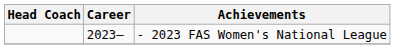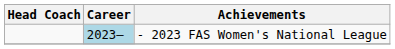 <table class="wikitable">
 <tr>
 <th>Head Coach</th>
 <th>Career</th>
 <th>Achievements</th>
 </tr>
 <tr>
 <td></td>
-<td>2023–</td>
+<td style="background: lightblue;">2023–</td>
 <td>- 2023 FAS Women's National League</td>
 </tr>
 <tr>
 </tr>
 </table>
